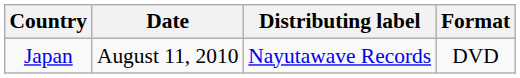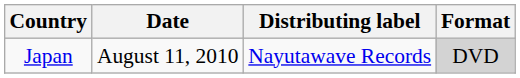 <table class="wikitable" style="text-align:center;">
 <tr>
 <th>Country</th>
 <th>Date</th>
 <th>Distributing label</th>
 <th>Format</th>
 </tr>
 <tr>
 <td><a href='#'>Japan</a></td>
 <td>August 11, 2010</td>
 <td rowspan="2"><a href='#'>Nayutawave Records</a></td>
-<td>DVD</td>
+<td style="background: lightgrey;">DVD</td>
 </tr>
 </table>
